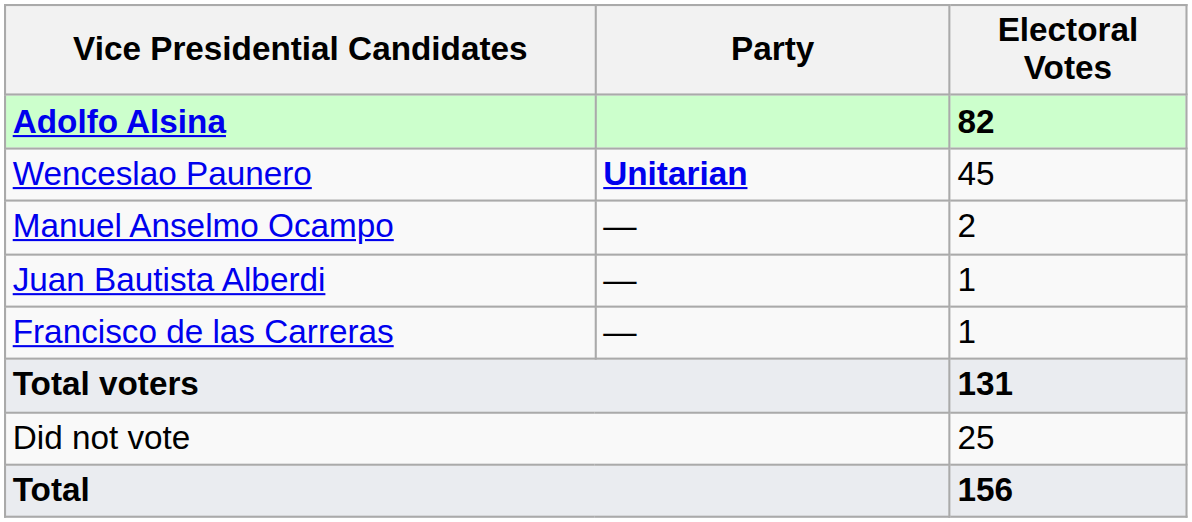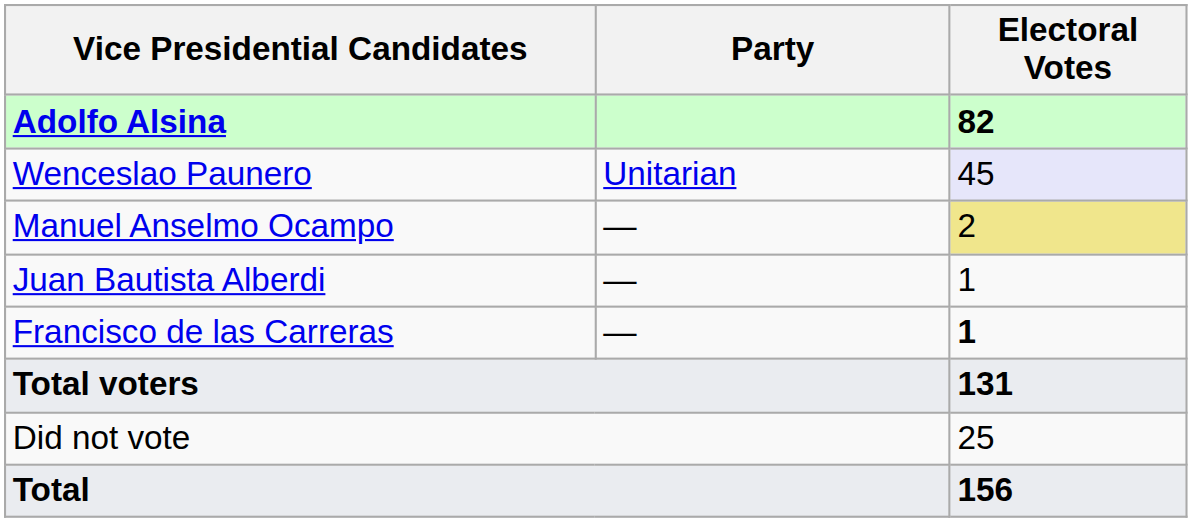 <table class="wikitable" width="45%">
 <tr>
 <th width="50%">Vice Presidential Candidates</th>
 <th width="30%">Party</th>
 <th width="20%">Electoral Votes</th>
 </tr>
 <tr style="background:#cfc;">
 <td><strong><a href='#'>Adolfo Alsina</a></strong></td>
 <td><strong></strong></td>
 <td><strong>82</strong></td>
 </tr>
 <tr>
 <td><a href='#'>Wenceslao Paunero</a></td>
-<td><strong><a href='#'>Unitarian</a></strong></td>
-<td>45</td>
+<td><a href='#'>Unitarian</a></td>
+<td style="background: lavender;">45</td>
 </tr>
 <tr>
 <td><a href='#'>Manuel Anselmo Ocampo</a></td>
 <td>—</td>
-<td>2</td>
+<td style="background: khaki;">2</td>
 </tr>
 <tr>
 <td><a href='#'>Juan Bautista Alberdi</a></td>
 <td>—</td>
 <td>1</td>
 </tr>
 <tr>
 <td><a href='#'>Francisco de las Carreras</a></td>
 <td>—</td>
-<td>1</td>
+<td><strong>1</strong></td>
 </tr>
 <tr style="background:#EAECF0;">
 <td colspan=2><strong>Total voters</strong></td>
 <td><strong>131</strong></td>
 </tr>
 <tr>
 <td colspan=2>Did not vote</td>
 <td>25</td>
 </tr>
 <tr style="background:#EAECF0;">
 <td colspan=2><strong>Total</strong></td>
 <td><strong>156</strong></td>
 </tr>
 </table>
